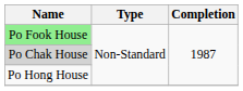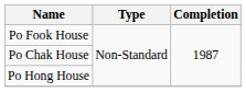 <table class="wikitable" style="text-align: center">
 <tr>
 <th>Name</th>
 <th>Type</th>
 <th>Completion</th>
 </tr>
 <tr>
-<td style="background: lightgreen;">Po Fook House</td>
+<td>Po Fook House</td>
 <td rowspan="3">Non-Standard</td>
 <td rowspan="3">1987</td>
 </tr>
 <tr>
-<td style="background: lightgrey;">Po Chak House</td>
+<td>Po Chak House</td>
 </tr>
 <tr>
 <td>Po Hong House</td>
 </tr>
 <tr>
 </tr>
 </table>
